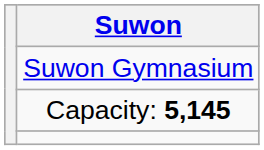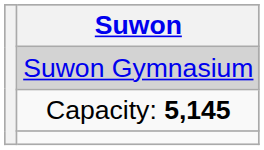 <table class="wikitable" style="text-align:center">
 <tr>
 <th rowspan=4></th>
 <th><a href='#'>Suwon</a></th>
 </tr>
 <tr>
-<td><a href='#'>Suwon Gymnasium</a></td>
+<td style="background: lightgrey;"><a href='#'>Suwon Gymnasium</a></td>
 </tr>
 <tr>
 <td>Capacity: <strong>5,145</strong></td>
 </tr>
 <tr>
 <td></td>
 </tr>
 </table>
